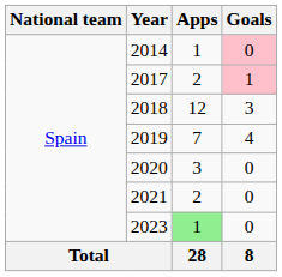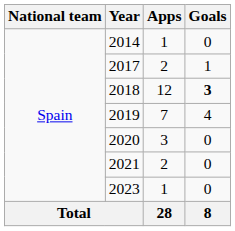 <table class="wikitable" style="text-align:center">
 <tr>
 <th>National team</th>
 <th>Year</th>
 <th>Apps</th>
 <th>Goals</th>
 </tr>
 <tr>
 <td rowspan="7"><a href='#'>Spain</a></td>
 <td>2014</td>
 <td>1</td>
-<td style="background: pink;">0</td>
+<td>0</td>
 </tr>
 <tr>
 <td>2017</td>
 <td>2</td>
-<td style="background: pink;">1</td>
+<td>1</td>
 </tr>
 <tr>
 <td>2018</td>
 <td>12</td>
-<td>3</td>
+<td><strong>3</strong></td>
 </tr>
 <tr>
 <td>2019</td>
 <td>7</td>
 <td>4</td>
 </tr>
 <tr>
 <td>2020</td>
 <td>3</td>
 <td>0</td>
 </tr>
 <tr>
 <td>2021</td>
 <td>2</td>
 <td>0</td>
 </tr>
 <tr>
 <td>2023</td>
-<td style="background: lightgreen;">1</td>
+<td>1</td>
 <td>0</td>
 </tr>
 <tr>
 <th colspan=2>Total</th>
 <th>28</th>
 <th>8</th>
 </tr>
 </table>
